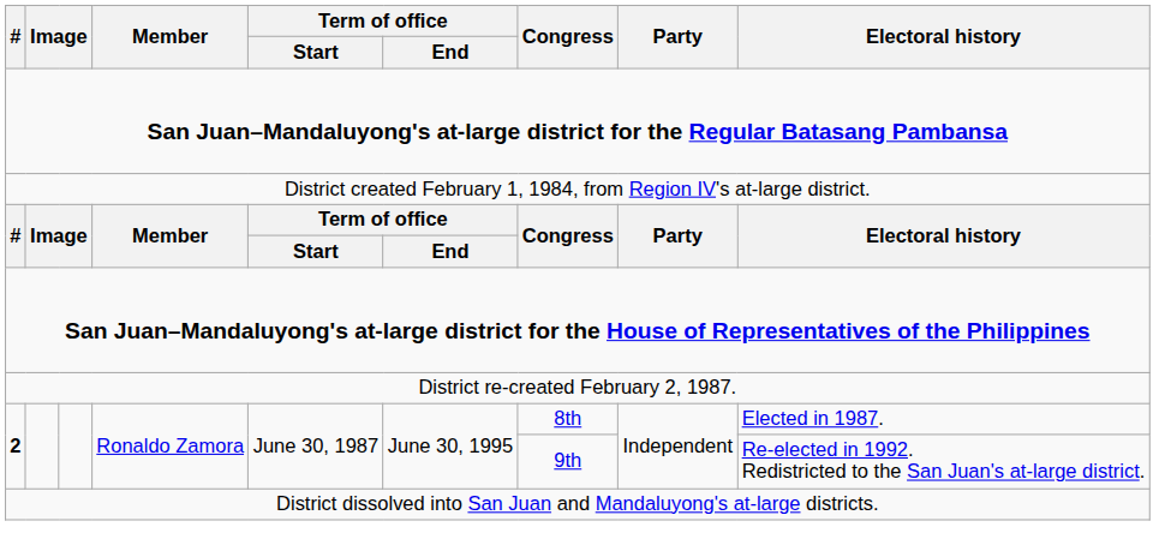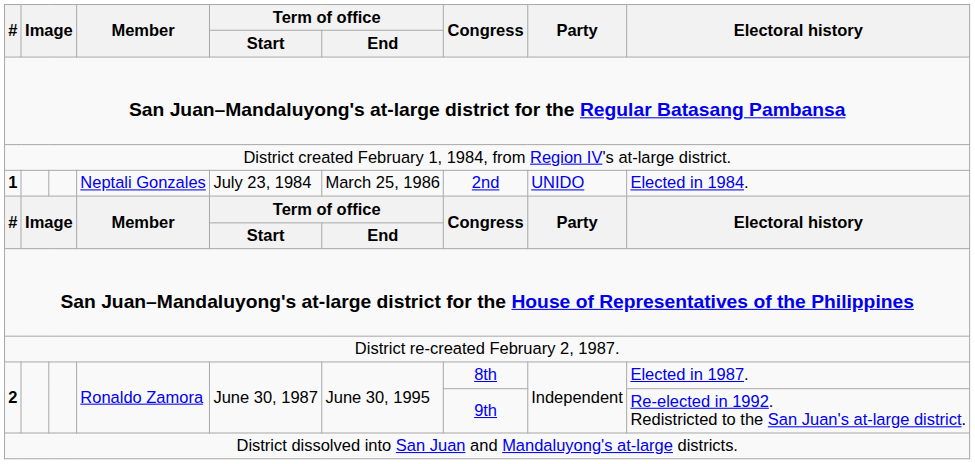 <table class=wikitable>
 <tr>
 <th rowspan="2">#</th>
 <th rowspan="2" colspan=2>Image</th>
 <th rowspan="2">Member</th>
 <th colspan=2>Term of office</th>
 <th rowspan="2">Congress</th>
 <th rowspan="2">Party</th>
 <th rowspan="2">Electoral history</th>
 </tr>
 <tr>
 <th>Start</th>
 <th>End</th>
 </tr>
 <tr>
 <td colspan="9" style="text-align:center;"><br><h3>San Juan–Mandaluyong's at-large district for the <a href='#'>Regular Batasang Pambansa</a></h3></td>
 </tr>
 <tr>
 <td colspan="9" style="text-align:center;">District created February 1, 1984, from <a href='#'>Region IV</a>'s at-large district.</td>
+</tr>
+<tr>
+<td style="text-align:center;"><strong>1</strong></td>
+<td style="color:inherit;background:"></td>
+<td></td>
+<td><a href='#'>Neptali Gonzales</a></td>
+<td>July 23, 1984</td>
+<td>March 25, 1986</td>
+<td style="text-align:center;"><a href='#'>2nd</a></td>
+<td><a href='#'>UNIDO</a></td>
+<td><a href='#'>Elected in 1984</a>.</td>
 </tr>
 <tr>
 <th rowspan="2">#</th>
 <th rowspan="2" colspan=2>Image</th>
 <th rowspan="2">Member</th>
 <th colspan=2>Term of office</th>
 <th rowspan="2">Congress</th>
 <th rowspan="2">Party</th>
 <th rowspan="2">Electoral history</th>
 </tr>
 <tr>
 <th>Start</th>
 <th>End</th>
 </tr>
 <tr>
 <td colspan="9" style="text-align:center;"><br><h3>San Juan–Mandaluyong's at-large district for the <a href='#'>House of Representatives of the Philippines</a></h3></td>
 </tr>
 <tr>
 <td colspan="9" style="text-align:center;">District re-created February 2, 1987.</td>
 </tr>
 <tr>
 <td rowspan="2" style="text-align:center;"><strong>2</strong></td>
 <td rowspan=2 style="color:inherit;background:"></td>
 <td rowspan=2></td>
 <td rowspan=2><a href='#'>Ronaldo Zamora</a></td>
 <td rowspan=2>June 30, 1987</td>
 <td rowspan=2>June 30, 1995</td>
 <td style="text-align:center;"><a href='#'>8th</a></td>
 <td rowspan=2>Independent</td>
 <td><a href='#'>Elected in 1987</a>.</td>
 </tr>
 <tr>
 <td style="text-align:center;"><a href='#'>9th</a></td>
 <td><a href='#'>Re-elected in 1992</a>.<br>Redistricted to the <a href='#'>San Juan's at-large district</a>.</td>
 </tr>
 <tr>
 <td colspan="9" style="text-align:center;">District dissolved into <a href='#'>San Juan</a> and <a href='#'>Mandaluyong's at-large</a> districts.</td>
 </tr>
 </table>
